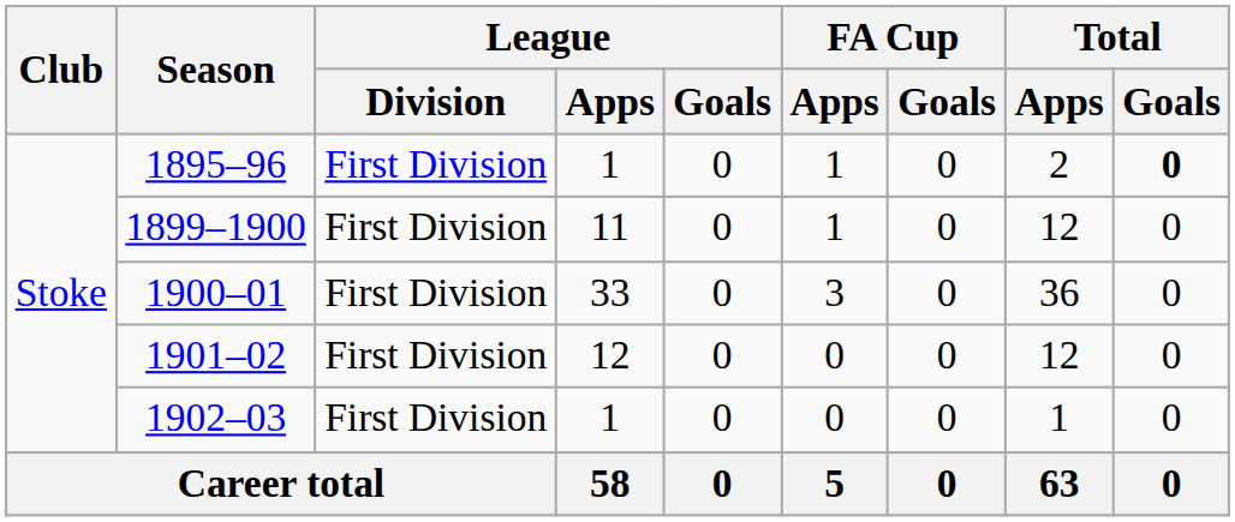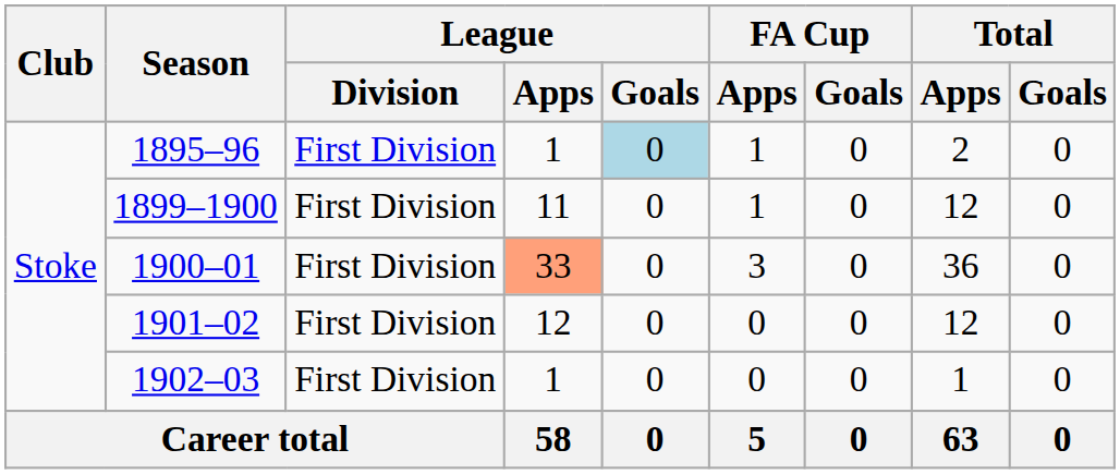 <table class="wikitable" style="text-align: center;">
 <tr>
 <th rowspan="2">Club</th>
 <th rowspan="2">Season</th>
 <th colspan="3">League</th>
 <th colspan="2">FA Cup</th>
 <th colspan="2">Total</th>
 </tr>
 <tr>
 <th>Division</th>
 <th>Apps</th>
 <th>Goals</th>
 <th>Apps</th>
 <th>Goals</th>
 <th>Apps</th>
 <th>Goals</th>
 </tr>
 <tr>
 <td rowspan="5"><a href='#'>Stoke</a></td>
 <td><a href='#'>1895–96</a></td>
 <td><a href='#'>First Division</a></td>
 <td>1</td>
-<td>0</td>
+<td style="background: lightblue;">0</td>
 <td>1</td>
 <td>0</td>
 <td>2</td>
-<td><strong>0</strong></td>
+<td>0</td>
 </tr>
 <tr>
 <td><a href='#'>1899–1900</a></td>
 <td>First Division</td>
 <td>11</td>
 <td>0</td>
 <td>1</td>
 <td>0</td>
 <td>12</td>
 <td>0</td>
 </tr>
 <tr>
 <td><a href='#'>1900–01</a></td>
 <td>First Division</td>
-<td>33</td>
+<td style="background: lightsalmon;">33</td>
 <td>0</td>
 <td>3</td>
 <td>0</td>
 <td>36</td>
 <td>0</td>
 </tr>
 <tr>
 <td><a href='#'>1901–02</a></td>
 <td>First Division</td>
 <td>12</td>
 <td>0</td>
 <td>0</td>
 <td>0</td>
 <td>12</td>
 <td>0</td>
 </tr>
 <tr>
 <td><a href='#'>1902–03</a></td>
 <td>First Division</td>
 <td>1</td>
 <td>0</td>
 <td>0</td>
 <td>0</td>
 <td>1</td>
 <td>0</td>
 </tr>
 <tr>
 <th colspan="3">Career total</th>
 <th>58</th>
 <th>0</th>
 <th>5</th>
 <th>0</th>
 <th>63</th>
 <th>0</th>
 </tr>
 </table>
